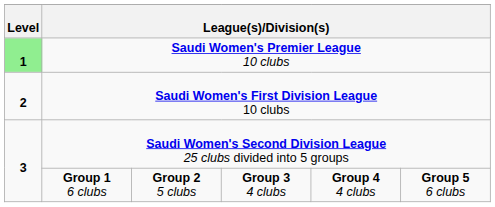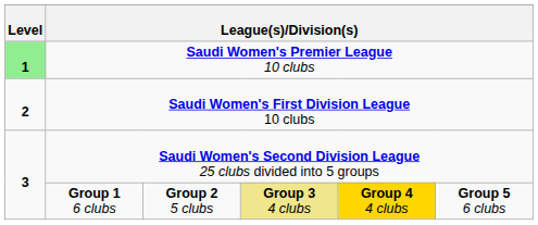 <table class="wikitable" style="text-align: center;" width="100%">
 <tr>
 </tr>
 <tr>
 <th width="4%"><br>Level</th>
 <th colspan="6" width="96%"><br>League(s)/Division(s)</th>
 </tr>
 <tr>
 <td width="4%" style="background: lightgreen;"><br><strong>1</strong></td>
 <td colspan="12" width="96%"><strong><a href='#'>Saudi Women's Premier League</a></strong><br><em>10 clubs</em></td>
 </tr>
 <tr>
 <td width="4%"><br><strong>2</strong></td>
 <td colspan="12" width="96%"><br><strong><a href='#'>Saudi Women's First Division League</a></strong><br>10 clubs</td>
 </tr>
 <tr>
 <td colspan="1" rowspan="2" width="4%"><br><strong>3</strong></td>
 <td colspan="5" width="96%"><br><strong><a href='#'>Saudi Women's Second Division League</a></strong><br><em>25 clubs</em> divided into 5 groups</td>
 </tr>
 <tr>
 <td align="center"><strong>Group 1</strong> <br> <em>6 clubs</em></td>
 <td align="center"><strong>Group 2</strong> <br> <em>5 clubs</em></td>
-<td align="center"><strong>Group 3</strong> <br> <em>4 clubs</em></td>
-<td align="center"><strong>Group 4</strong> <br> <em>4 clubs</em></td>
+<td align="center" style="background: khaki;"><strong>Group 3</strong> <br> <em>4 clubs</em></td>
+<td align="center" style="background: gold;"><strong>Group 4</strong> <br> <em>4 clubs</em></td>
 <td align="center"><strong>Group 5</strong> <br> <em>6 clubs</em></td>
 </tr>
 </table>
